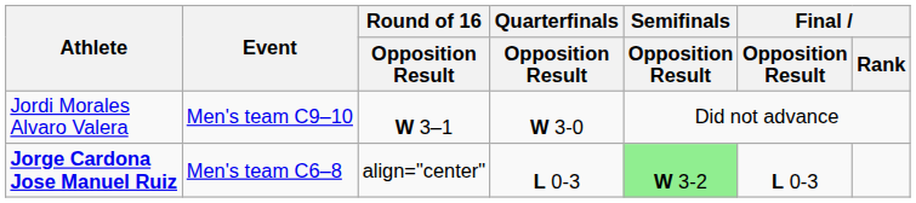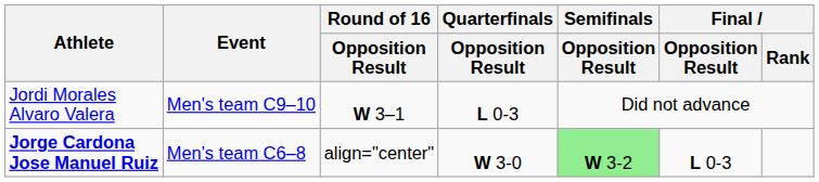 <table class=wikitable style="font-size:90%">
 <tr>
 <th rowspan="2">Athlete</th>
 <th rowspan="2">Event</th>
 <th>Round of 16</th>
 <th>Quarterfinals</th>
 <th>Semifinals</th>
 <th colspan="2">Final / </th>
 </tr>
 <tr>
 <th>Opposition<br>Result</th>
 <th>Opposition<br>Result</th>
 <th>Opposition<br>Result</th>
 <th>Opposition<br>Result</th>
 <th>Rank</th>
 </tr>
 <tr>
 <td><a href='#'>Jordi Morales</a><br> <a href='#'>Alvaro Valera</a></td>
 <td><a href='#'>Men's team C9–10</a></td>
 <td align="center"><br><strong>W</strong> 3–1</td>
-<td align="center"><br><strong>W</strong> 3-0</td>
+<td align="center"><br><strong>L</strong> 0-3</td>
 <td align="center" colspan="3">Did not advance</td>
 </tr>
 <tr>
 <td><strong><a href='#'>Jorge Cardona</a></strong><br> <strong><a href='#'>Jose Manuel Ruiz</a></strong></td>
 <td><a href='#'>Men's team C6–8</a></td>
 <td>align="center" </td>
-<td align="center"><br><strong>L</strong> 0-3</td>
+<td align="center"><br><strong>W</strong> 3-0</td>
 <td align="center" style="background: lightgreen;"><br><strong>W</strong> 3-2</td>
 <td align="center"><br><strong>L</strong> 0-3</td>
 <td align="center"></td>
 </tr>
 </table>
